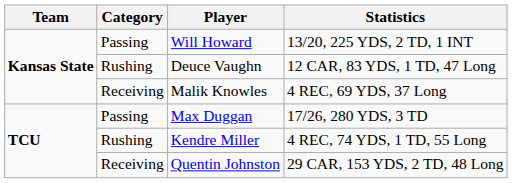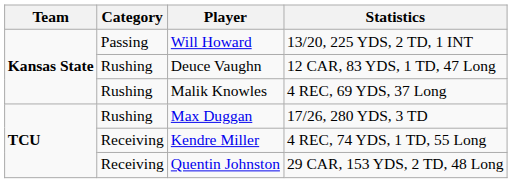 <table class="wikitable" style="float: right;">
 <tr>
 <th>Team</th>
 <th>Category</th>
 <th>Player</th>
 <th>Statistics</th>
 </tr>
 <tr>
 <td rowspan=3><strong>Kansas State</strong></td>
 <td>Passing</td>
 <td><a href='#'>Will Howard</a></td>
 <td>13/20, 225 YDS, 2 TD, 1 INT</td>
 </tr>
 <tr>
 <td>Rushing</td>
 <td>Deuce Vaughn</td>
 <td>12 CAR, 83 YDS, 1 TD, 47 Long</td>
 </tr>
 <tr>
-<td>Receiving</td>
+<td>Rushing</td>
 <td>Malik Knowles</td>
 <td>4 REC, 69 YDS, 37 Long</td>
 </tr>
 <tr>
 <td rowspan=3><strong>TCU</strong></td>
-<td>Passing</td>
+<td>Rushing</td>
 <td><a href='#'>Max Duggan</a></td>
 <td>17/26, 280 YDS, 3 TD</td>
 </tr>
 <tr>
-<td>Rushing</td>
+<td>Receiving</td>
 <td><a href='#'>Kendre Miller</a></td>
 <td>4 REC, 74 YDS, 1 TD, 55 Long</td>
 </tr>
 <tr>
 <td>Receiving</td>
 <td><a href='#'>Quentin Johnston</a></td>
 <td>29 CAR, 153 YDS, 2 TD, 48 Long</td>
 </tr>
 </table>
